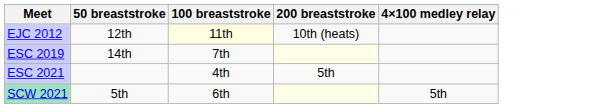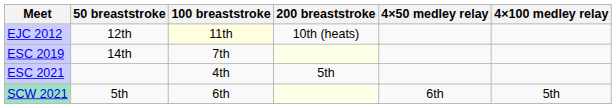 <table class="sortable wikitable">
 <tr>
 <th>Meet</th>
 <th class="unsortable">50 breaststroke</th>
 <th class="unsortable">100 breaststroke</th>
 <th class="unsortable">200 breaststroke</th>
+<th class="unsortable">4×50 medley relay</th>
 <th class="unsortable">4×100 medley relay</th>
 </tr>
 <tr>
 <td style="background:#ccccff"><a href='#'>EJC 2012</a></td>
 <td align="center">12th</td>
 <td align="center" style="background: lightyellow;">11th</td>
 <td align="center">10th (heats)</td>
+<td></td>
 <td align="center"></td>
 </tr>
 <tr>
 <td style="background:#ccccff"><a href='#'>ESC 2019</a></td>
 <td align="center">14th</td>
 <td align="center">7th</td>
 <td style="background:#fdffe7"></td>
+<td align="center"></td>
 <td></td>
 </tr>
 <tr>
 <td style="background:#ccccff"><a href='#'>ESC 2021</a></td>
 <td align="center"></td>
 <td align="center">4th</td>
 <td align="center">5th</td>
+<td align="center"></td>
 <td></td>
 </tr>
 <tr>
 <td style="background:#9fe2bf"><a href='#'>SCW 2021</a></td>
 <td align="center">5th</td>
 <td align="center">6th</td>
 <td style="background:#fdffe7"></td>
+<td align="center">6th</td>
 <td align="center">5th</td>
 </tr>
 </table>
